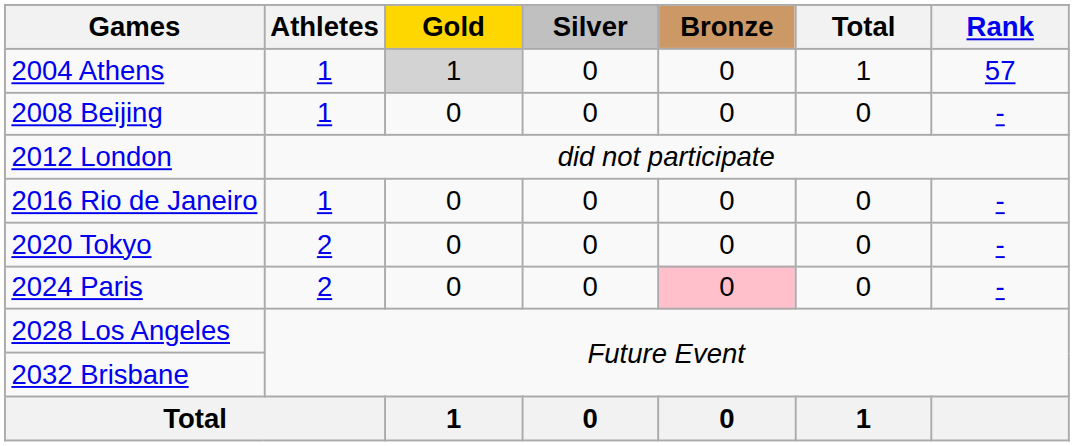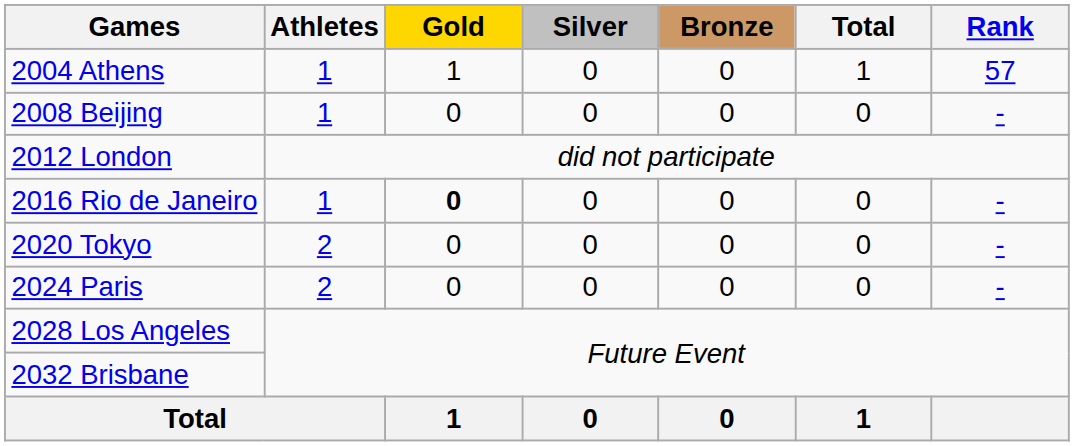 <table class="wikitable" style="text-align:center; font-size:90%;">
 <tr>
 <th>Games</th>
 <th>Athletes</th>
 <td style="background:gold; width:4.5em; font-weight:bold;">Gold</td>
 <td style="background:silver; width:4.5em; font-weight:bold;">Silver</td>
 <td style="background:#cc9966; width:4.5em; font-weight:bold;">Bronze</td>
 <th style="width:4.5em; font-weight:bold;">Total</th>
 <th style="width:4.5em; font-weight:bold;"><a href='#'>Rank</a></th>
 </tr>
 <tr>
 <td align=left><a href='#'>2004 Athens</a></td>
 <td><a href='#'>1</a></td>
-<td style="background: lightgrey;">1</td>
+<td>1</td>
 <td>0</td>
 <td>0</td>
 <td>1</td>
 <td><a href='#'>57</a></td>
 </tr>
 <tr>
 <td align=left><a href='#'>2008 Beijing</a></td>
 <td><a href='#'>1</a></td>
 <td>0</td>
 <td>0</td>
 <td>0</td>
 <td>0</td>
 <td><a href='#'>-</a></td>
 </tr>
 <tr>
 <td align=left><a href='#'>2012 London</a></td>
 <td colspan=6;><em>did not participate</em></td>
 </tr>
 <tr>
 <td align=left><a href='#'>2016 Rio de Janeiro</a></td>
 <td><a href='#'>1</a></td>
-<td>0</td>
+<td><strong>0</strong></td>
 <td>0</td>
 <td>0</td>
 <td>0</td>
 <td><a href='#'>-</a></td>
 </tr>
 <tr>
 <td align=left><a href='#'>2020 Tokyo</a></td>
 <td><a href='#'>2</a></td>
 <td>0</td>
 <td>0</td>
 <td>0</td>
 <td>0</td>
 <td><a href='#'>-</a></td>
 </tr>
 <tr>
 <td align=left><a href='#'>2024 Paris</a></td>
 <td><a href='#'>2</a></td>
 <td>0</td>
 <td>0</td>
-<td style="background: pink;">0</td>
+<td>0</td>
 <td>0</td>
 <td><a href='#'>-</a></td>
 </tr>
 <tr>
 <td align=left><a href='#'>2028 Los Angeles</a></td>
 <td colspan=6 rowspan=2><em>Future Event</em></td>
 </tr>
 <tr>
 <td align=left><a href='#'>2032 Brisbane</a></td>
 </tr>
 <tr>
 <th colspan=2>Total</th>
 <th>1</th>
 <th>0</th>
 <th>0</th>
 <th>1</th>
 <th><a href='#'></a></th>
 </tr>
 </table>
